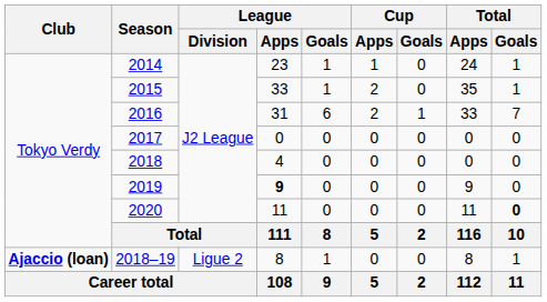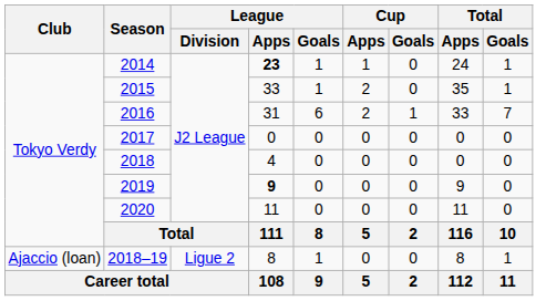 <table class="wikitable" style="text-align:center">
 <tr>
 <th rowspan="2">Club</th>
 <th rowspan="2">Season</th>
 <th colspan="3">League</th>
 <th colspan="2">Cup</th>
 <th colspan="2">Total</th>
 </tr>
 <tr>
 <th>Division</th>
 <th>Apps</th>
 <th>Goals</th>
 <th>Apps</th>
 <th>Goals</th>
 <th>Apps</th>
 <th>Goals</th>
 </tr>
 <tr>
 <td rowspan="8"><a href='#'>Tokyo Verdy</a></td>
 <td><a href='#'>2014</a></td>
 <td rowspan="7"><a href='#'>J2 League</a></td>
-<td>23</td>
+<td><strong>23</strong></td>
 <td>1</td>
 <td>1</td>
 <td>0</td>
 <td>24</td>
 <td>1</td>
 </tr>
 <tr>
 <td><a href='#'>2015</a></td>
 <td>33</td>
 <td>1</td>
 <td>2</td>
 <td>0</td>
 <td>35</td>
 <td>1</td>
 </tr>
 <tr>
 <td><a href='#'>2016</a></td>
 <td>31</td>
 <td>6</td>
 <td>2</td>
 <td>1</td>
 <td>33</td>
 <td>7</td>
 </tr>
 <tr>
 <td><a href='#'>2017</a></td>
 <td>0</td>
 <td>0</td>
 <td>0</td>
 <td>0</td>
 <td>0</td>
 <td>0</td>
 </tr>
 <tr>
 <td><a href='#'>2018</a></td>
 <td>4</td>
 <td>0</td>
 <td>0</td>
 <td>0</td>
 <td>0</td>
 <td>0</td>
 </tr>
 <tr>
 <td><a href='#'>2019</a></td>
 <td><strong>9</strong></td>
 <td>0</td>
 <td>0</td>
 <td>0</td>
 <td>9</td>
 <td>0</td>
 </tr>
 <tr>
 <td><a href='#'>2020</a></td>
 <td>11</td>
 <td>0</td>
 <td>0</td>
 <td>0</td>
 <td>11</td>
-<td><strong>0</strong></td>
+<td>0</td>
 </tr>
 <tr>
 <th colspan="2">Total</th>
 <th>111</th>
 <th>8</th>
 <th>5</th>
 <th>2</th>
 <th>116</th>
 <th>10</th>
 </tr>
 <tr>
-<td><strong><a href='#'>Ajaccio</a> (loan)</strong></td>
+<td><a href='#'>Ajaccio</a> (loan)</td>
 <td><a href='#'>2018–19</a></td>
 <td><a href='#'>Ligue 2</a></td>
 <td>8</td>
 <td>1</td>
 <td>0</td>
 <td>0</td>
 <td>8</td>
 <td>1</td>
 </tr>
 <tr>
 <th colspan="3">Career total</th>
 <th>108</th>
 <th>9</th>
 <th>5</th>
 <th>2</th>
 <th>112</th>
 <th>11</th>
 </tr>
 </table>
